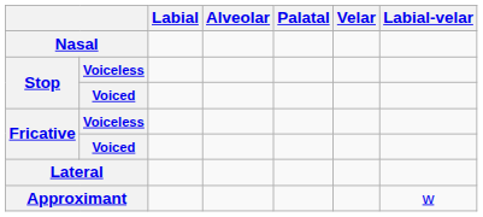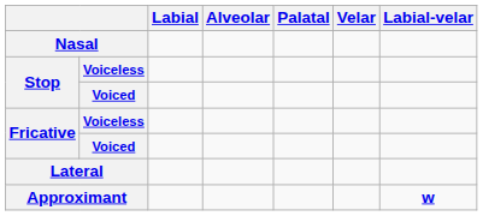 <table class="wikitable" style="text-align: center;">
 <tr>
 <th colspan="2"></th>
 <th><a href='#'>Labial</a></th>
 <th><a href='#'>Alveolar</a></th>
 <th><a href='#'>Palatal</a></th>
 <th><a href='#'>Velar</a></th>
 <th><a href='#'>Labial-velar</a></th>
 </tr>
 <tr>
 <th colspan="2"><a href='#'>Nasal</a></th>
 <td></td>
 <td></td>
 <td></td>
 <td></td>
 <td></td>
 </tr>
 <tr>
 <th rowspan="2"><a href='#'>Stop</a></th>
 <th><small><a href='#'>Voiceless</a></small></th>
 <td></td>
 <td></td>
 <td></td>
 <td></td>
 <td></td>
 </tr>
 <tr>
 <th><small><a href='#'>Voiced</a></small></th>
 <td></td>
 <td></td>
 <td></td>
 <td></td>
 <td></td>
 </tr>
 <tr>
 <th rowspan="2"><a href='#'>Fricative</a></th>
 <th><small><a href='#'>Voiceless</a></small></th>
 <td></td>
 <td></td>
 <td></td>
 <td></td>
 <td></td>
 </tr>
 <tr>
 <th><small><a href='#'>Voiced</a></small></th>
 <td></td>
 <td></td>
 <td></td>
 <td></td>
 <td></td>
 </tr>
 <tr>
 <th colspan="2"><a href='#'>Lateral</a></th>
 <td></td>
 <td></td>
 <td></td>
 <td></td>
 <td></td>
 </tr>
 <tr>
 <th colspan="2"><a href='#'>Approximant</a></th>
 <td></td>
 <td></td>
 <td></td>
 <td></td>
-<td><a href='#'>w</a></td>
+<td><strong><a href='#'>w</a></strong></td>
 </tr>
 </table>
